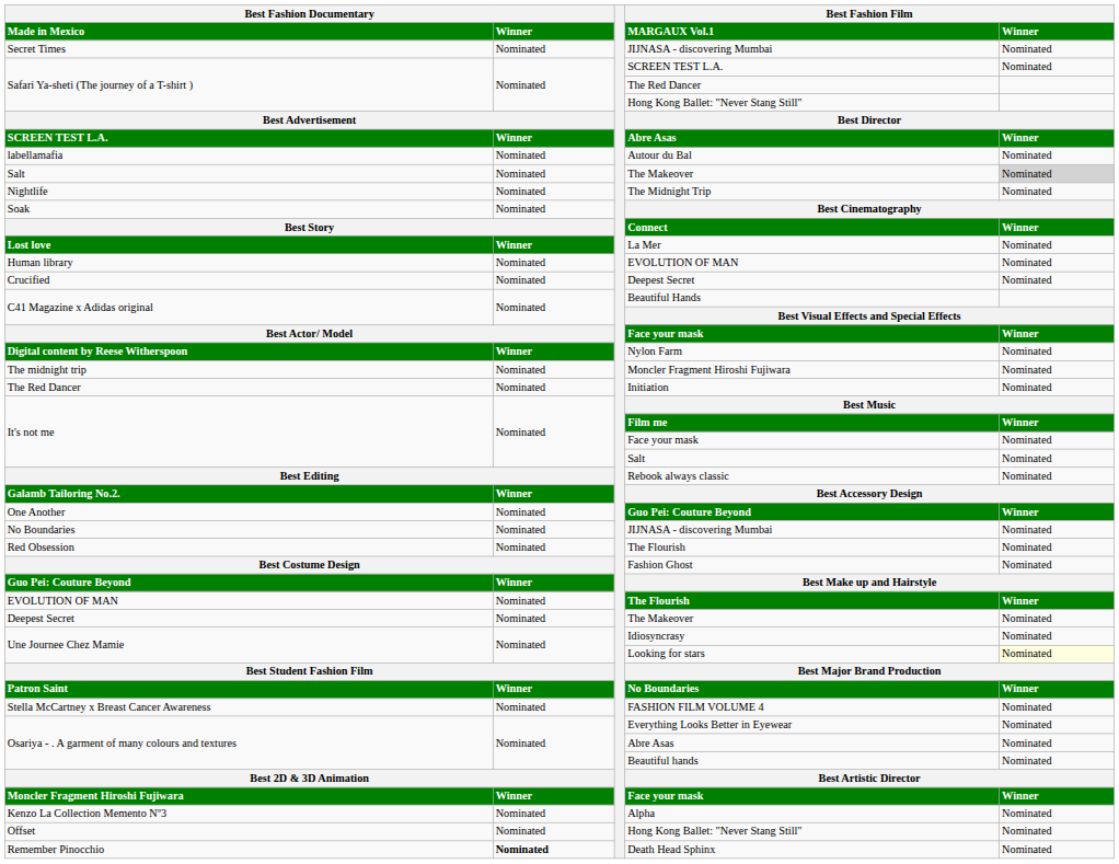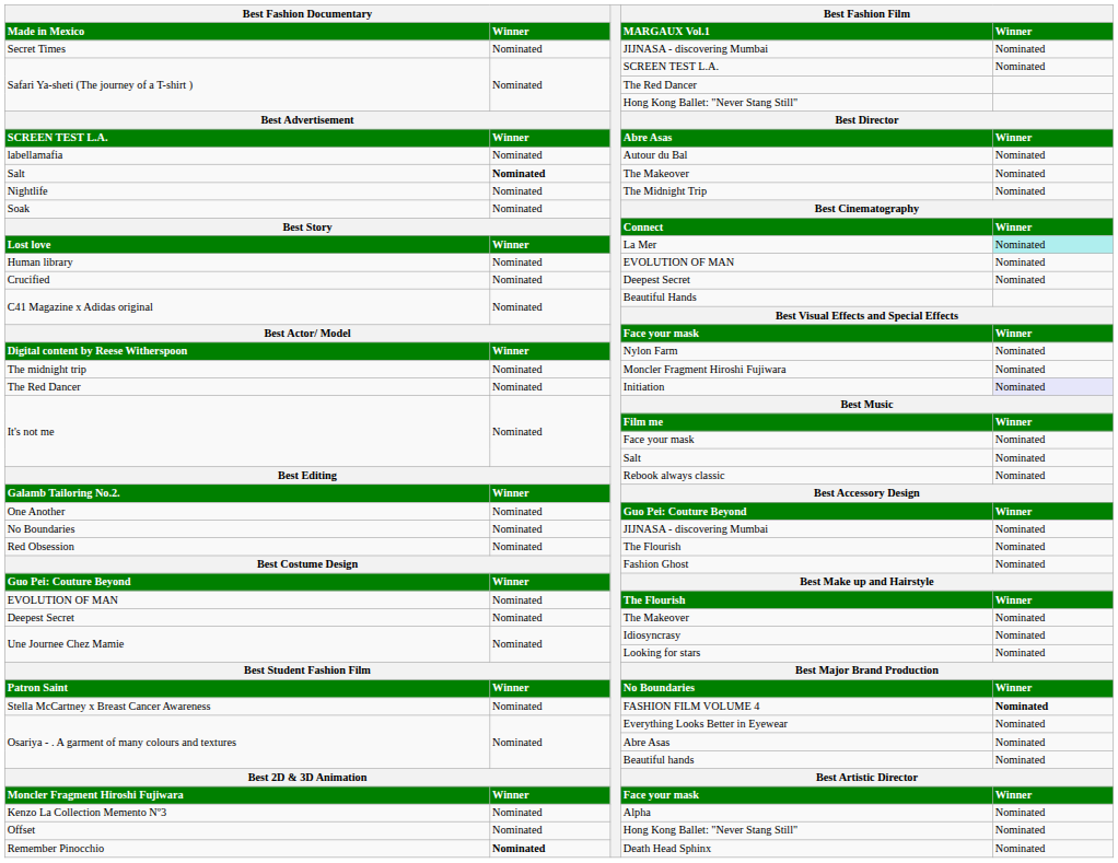 <table class="wikitable" style="width: 100%">
 <tr>
 <th colspan="2">Best Fashion Documentary</th>
 <th rowspan="48"></th>
 <th colspan="2">Best Fashion Film</th>
 </tr>
 <tr>
 <td style="background: green;color: white;"><strong>Made in Mexico</strong></td>
 <td style="background: green;color: white;"><strong>Winner</strong></td>
 <td style="background: green;color: white;"><strong>MARGAUX Vol.1</strong></td>
 <td style="background: green;color: white;"><strong>Winner</strong></td>
 </tr>
 <tr>
 <td>Secret Times</td>
 <td>Nominated</td>
 <td>JIJNASA - discovering Mumbai</td>
 <td>Nominated</td>
 </tr>
 <tr>
 <td rowspan="3">Safari Ya-sheti (The journey of a T-shirt )</td>
 <td rowspan="3">Nominated</td>
 <td>SCREEN TEST L.A.</td>
 <td>Nominated</td>
 </tr>
 <tr>
 <td>The Red Dancer</td>
 <td></td>
 </tr>
 <tr>
 <td>Hong Kong Ballet: "Never Stang Still"</td>
 <td></td>
 </tr>
 <tr>
 <th colspan="2">Best Advertisement</th>
 <th colspan="2">Best Director</th>
 </tr>
 <tr>
 <td style="background: green;color: white;"><strong>SCREEN TEST L.A.</strong></td>
 <td style="background: green;color: white;"><strong>Winner</strong></td>
 <td style="background: green;color: white;"><strong>Abre Asas</strong></td>
 <td style="background: green;color: white;"><strong>Winner</strong></td>
 </tr>
 <tr>
 <td>labellamafia</td>
 <td>Nominated</td>
 <td>Autour du Bal</td>
 <td>Nominated</td>
 </tr>
 <tr>
 <td>Salt</td>
+<td><strong>Nominated</strong></td>
+<td>The Makeover</td>
 <td>Nominated</td>
-<td>The Makeover</td>
-<td style="background: lightgrey;">Nominated</td>
 </tr>
 <tr>
 <td>Nightlife</td>
 <td>Nominated</td>
 <td>The Midnight Trip</td>
 <td>Nominated</td>
 </tr>
 <tr>
 <td>Soak</td>
 <td>Nominated</td>
 <th colspan="2">Best Cinematography</th>
 </tr>
 <tr>
 <th colspan="2">Best Story</th>
 <td style="background: green;color: white;"><strong>Connect</strong></td>
 <td style="background: green;color: white;"><strong>Winner</strong></td>
 </tr>
 <tr>
 <td style="background: green;color: white;"><strong>Lost love</strong></td>
 <td style="background: green;color: white;"><strong>Winner</strong></td>
 <td>La Mer</td>
-<td>Nominated</td>
+<td style="background: paleturquoise;">Nominated</td>
 </tr>
 <tr>
 <td>Human library</td>
 <td>Nominated</td>
 <td>EVOLUTION OF MAN</td>
 <td>Nominated</td>
 </tr>
 <tr>
 <td>Crucified</td>
 <td>Nominated</td>
 <td>Deepest Secret</td>
 <td>Nominated</td>
 </tr>
 <tr>
 <td rowspan="2">C41 Magazine x Adidas original</td>
 <td rowspan="2">Nominated</td>
 <td>Beautiful Hands</td>
 <td></td>
 </tr>
 <tr>
 <th colspan="2">Best Visual Effects and Special Effects</th>
 </tr>
 <tr>
 <th colspan="2">Best Actor/ Model</th>
 <td style="background: green;color: white;"><strong>Face your mask</strong></td>
 <td style="background: green;color: white;"><strong>Winner</strong></td>
 </tr>
 <tr>
 <td style="background: green;color: white;"><strong>Digital content by Reese Witherspoon</strong></td>
 <td style="background: green;color: white;"><strong>Winner</strong></td>
 <td>Nylon Farm</td>
 <td>Nominated</td>
 </tr>
 <tr>
 <td>The midnight trip</td>
 <td>Nominated</td>
 <td>Moncler Fragment Hiroshi Fujiwara</td>
 <td>Nominated</td>
 </tr>
 <tr>
 <td>The Red Dancer</td>
 <td>Nominated</td>
 <td>Initiation</td>
-<td>Nominated</td>
+<td style="background: lavender;">Nominated</td>
 </tr>
 <tr>
 <td rowspan="4">It's not me</td>
 <td rowspan="4">Nominated</td>
 <th colspan="2">Best Music</th>
 </tr>
 <tr>
 <td style="background: green;color: white;"><strong>Film me</strong></td>
 <td style="background: green;color: white;"><strong>Winner</strong></td>
 </tr>
 <tr>
 <td>Face your mask</td>
 <td>Nominated</td>
 </tr>
 <tr>
 <td>Salt</td>
 <td>Nominated</td>
 </tr>
 <tr>
 <th colspan="2">Best Editing</th>
 <td>Rebook always classic</td>
 <td>Nominated</td>
 </tr>
 <tr>
 <td style="background: green;color: white;"><strong>Galamb Tailoring No.2.</strong></td>
 <td style="background: green;color: white;"><strong>Winner</strong></td>
 <th colspan="2">Best Accessory Design</th>
 </tr>
 <tr>
 <td>One Another</td>
 <td>Nominated</td>
 <td style="background: green;color: white;"><strong>Guo Pei: Couture Beyond</strong></td>
 <td style="background: green;color: white;"><strong>Winner</strong></td>
 </tr>
 <tr>
 <td>No Boundaries</td>
 <td>Nominated</td>
 <td>JIJNASA - discovering Mumbai</td>
 <td>Nominated</td>
 </tr>
 <tr>
 <td>Red Obsession</td>
 <td>Nominated</td>
 <td>The Flourish</td>
 <td>Nominated</td>
 </tr>
 <tr>
 <th colspan="2">Best Costume Design</th>
 <td>Fashion Ghost</td>
 <td>Nominated</td>
 </tr>
 <tr>
 <td style="background: green;color: white;"><strong>Guo Pei: Couture Beyond</strong></td>
 <td style="background: green;color: white;"><strong>Winner</strong></td>
 <th colspan="2">Best Make up and Hairstyle</th>
 </tr>
 <tr>
 <td>EVOLUTION OF MAN</td>
 <td>Nominated</td>
 <td style="background: green;color: white;"><strong>The Flourish</strong></td>
 <td style="background: green;color: white;"><strong>Winner</strong></td>
 </tr>
 <tr>
 <td>Deepest Secret</td>
 <td>Nominated</td>
 <td>The Makeover</td>
 <td>Nominated</td>
 </tr>
 <tr>
 <td rowspan="2">Une Journee Chez Mamie</td>
 <td rowspan="2">Nominated</td>
 <td>Idiosyncrasy</td>
 <td>Nominated</td>
 </tr>
 <tr>
 <td>Looking for stars</td>
-<td style="background: lightyellow;">Nominated</td>
+<td>Nominated</td>
 </tr>
 <tr>
 <th colspan="2">Best Student Fashion Film</th>
 <th colspan="2">Best Major Brand Production</th>
 </tr>
 <tr>
 <td style="background: green;color: white;"><strong>Patron Saint</strong></td>
 <td style="background: green;color: white;"><strong>Winner</strong></td>
 <td style="background: green;color: white;"><strong>No Boundaries</strong></td>
 <td style="background: green;color: white;"><strong>Winner</strong></td>
 </tr>
 <tr>
 <td>Stella McCartney x Breast Cancer Awareness</td>
 <td>Nominated</td>
 <td>FASHION FILM VOLUME 4</td>
-<td>Nominated</td>
+<td><strong>Nominated</strong></td>
 </tr>
 <tr>
 <td rowspan="3">Osariya - . A garment of many colours and textures</td>
 <td rowspan="3">Nominated</td>
 <td>Everything Looks Better in Eyewear</td>
 <td>Nominated</td>
 </tr>
 <tr>
 <td>Abre Asas</td>
 <td>Nominated</td>
 </tr>
 <tr>
 <td>Beautiful hands</td>
 <td>Nominated</td>
 </tr>
 <tr>
 <th colspan="2">Best 2D & 3D Animation</th>
 <th colspan="2">Best Artistic Director</th>
 </tr>
 <tr>
 <td style="background: green;color: white;"><strong>Moncler Fragment Hiroshi Fujiwara</strong></td>
 <td style="background: green;color: white;"><strong>Winner</strong></td>
 <td style="background: green;color: white;"><strong>Face your mask</strong></td>
 <td style="background: green;color: white;"><strong>Winner</strong></td>
 </tr>
 <tr>
 <td>Kenzo La Collection Memento Nº3</td>
 <td>Nominated</td>
 <td>Alpha</td>
 <td>Nominated</td>
 </tr>
 <tr>
 <td>Offset</td>
 <td>Nominated</td>
 <td>Hong Kong Ballet: "Never Stang Still"</td>
 <td>Nominated</td>
 </tr>
 <tr>
 <td>Remember Pinocchio</td>
 <td><strong>Nominated</strong></td>
 <td>Death Head Sphinx</td>
 <td>Nominated</td>
 </tr>
 </table>
